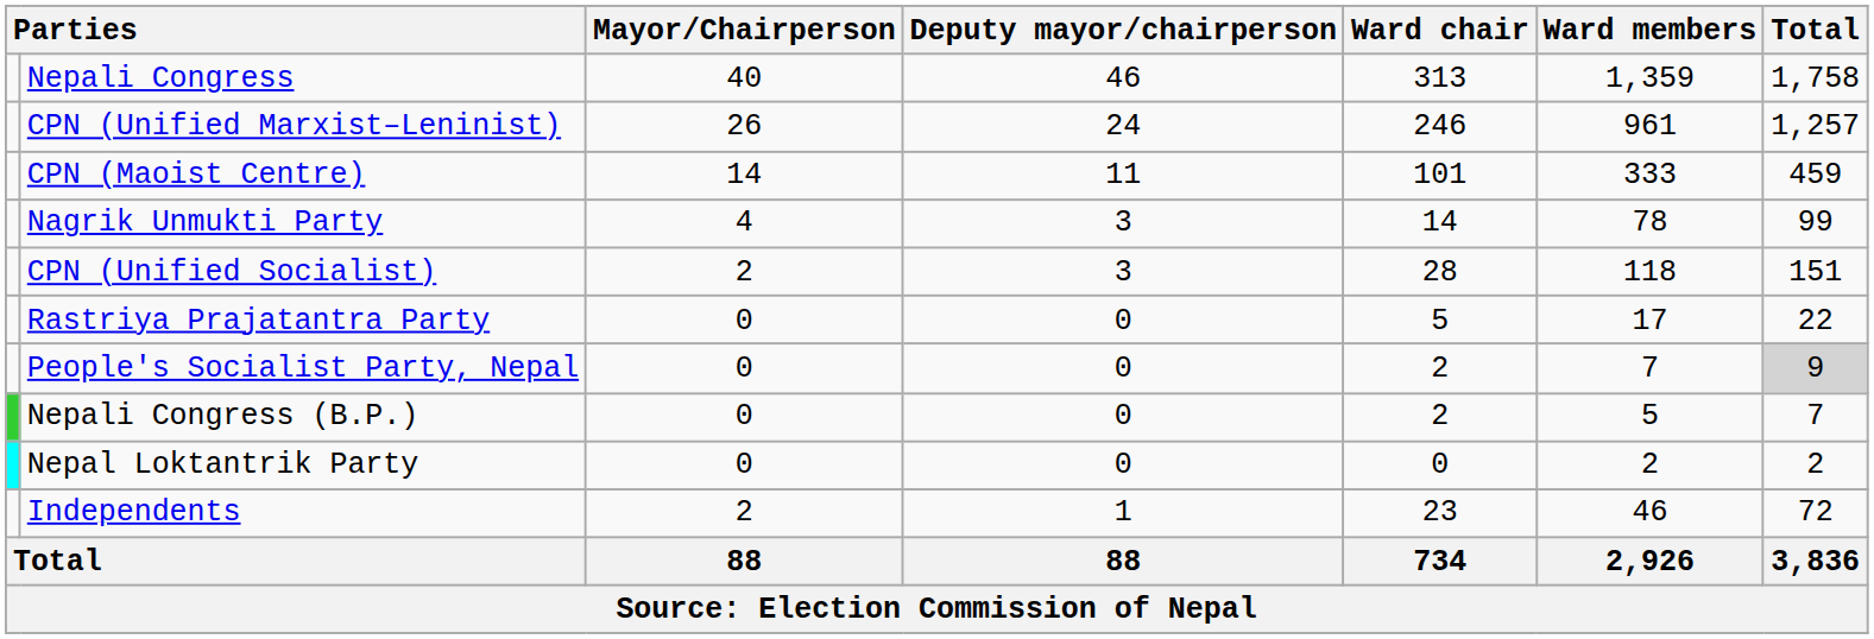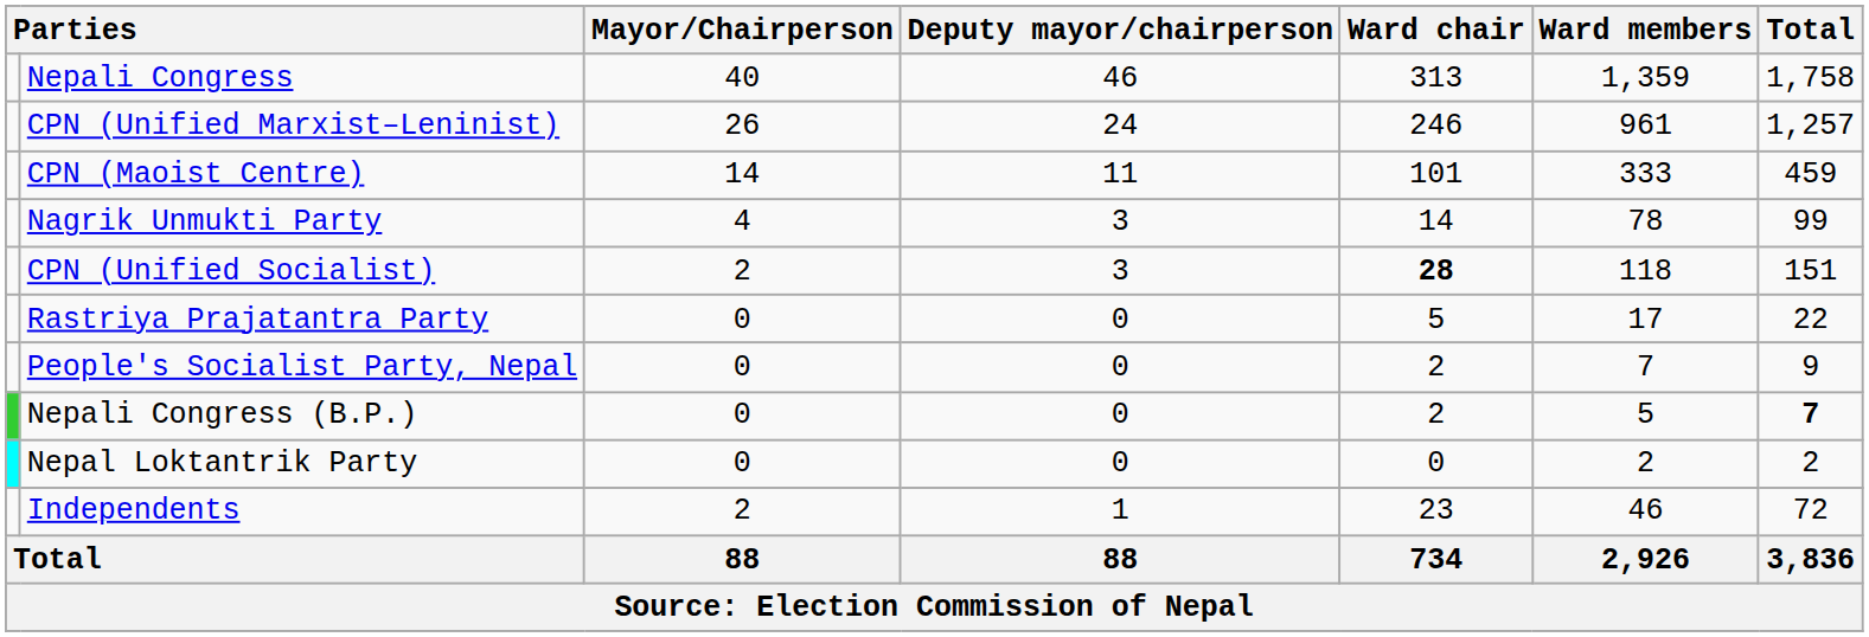 <table class="wikitable sortable" style="text-align:right">
 <tr>
 <th colspan="2" style="text-align:left;">Parties</th>
 <th>Mayor/Chairperson</th>
 <th>Deputy mayor/chairperson</th>
 <th>Ward chair</th>
 <th>Ward members</th>
 <th>Total</th>
 </tr>
 <tr>
 <td style="background-color:"></td>
 <td style="text-align:left;"><a href='#'>Nepali Congress</a></td>
 <td style="text-align:center;">40</td>
 <td style="text-align:center;">46</td>
 <td style="text-align:center;">313</td>
 <td style="text-align:center;">1,359</td>
 <td style="text-align:center;">1,758</td>
 </tr>
 <tr>
 <td style="background-color:"></td>
 <td style="text-align:left;"><a href='#'>CPN (Unified Marxist–Leninist)</a></td>
 <td style="text-align:center;">26</td>
 <td style="text-align:center;">24</td>
 <td style="text-align:center;">246</td>
 <td style="text-align:center;">961</td>
 <td style="text-align:center;">1,257</td>
 </tr>
 <tr>
 <td style="background-color:"></td>
 <td style="text-align:left;"><a href='#'>CPN (Maoist Centre)</a></td>
 <td style="text-align:center;">14</td>
 <td style="text-align:center;">11</td>
 <td style="text-align:center;">101</td>
 <td style="text-align:center;">333</td>
 <td style="text-align:center;">459</td>
 </tr>
 <tr>
 <td></td>
 <td style="text-align:left;"><a href='#'>Nagrik Unmukti Party</a></td>
 <td style="text-align:center;">4</td>
 <td style="text-align:center;">3</td>
 <td style="text-align:center;">14</td>
 <td style="text-align:center;">78</td>
 <td style="text-align:center;">99</td>
 </tr>
 <tr>
 <td style="background-color:"></td>
 <td style="text-align:left;"><a href='#'>CPN (Unified Socialist)</a></td>
 <td style="text-align:center;">2</td>
 <td style="text-align:center;">3</td>
-<td style="text-align:center;">28</td>
+<td style="text-align:center;"><strong>28</strong></td>
 <td style="text-align:center;">118</td>
 <td style="text-align:center;">151</td>
 </tr>
 <tr>
 <td style="background-color:"></td>
 <td style="text-align:left;"><a href='#'>Rastriya Prajatantra Party</a></td>
 <td style="text-align:center;">0</td>
 <td style="text-align:center;">0</td>
 <td style="text-align:center;">5</td>
 <td style="text-align:center;">17</td>
 <td style="text-align:center;">22</td>
 </tr>
 <tr>
 <td style="background-color:"></td>
 <td style="text-align:left;"><a href='#'>People's Socialist Party, Nepal</a></td>
 <td style="text-align:center;">0</td>
 <td style="text-align:center;">0</td>
 <td style="text-align:center;">2</td>
 <td style="text-align:center;">7</td>
-<td style="background: lightgrey; text-align:center;">9</td>
+<td style="text-align:center;">9</td>
 </tr>
 <tr>
 <td style="background-color:limegreen"></td>
 <td style="text-align:left;">Nepali Congress (B.P.)</td>
 <td style="text-align:center;">0</td>
 <td style="text-align:center;">0</td>
 <td style="text-align:center;">2</td>
 <td style="text-align:center;">5</td>
-<td style="text-align:center;">7</td>
+<td style="text-align:center;"><strong>7</strong></td>
 </tr>
 <tr>
 <td style="background-color:cyan"></td>
 <td style="text-align:left;">Nepal Loktantrik Party</td>
 <td style="text-align:center;">0</td>
 <td style="text-align:center;">0</td>
 <td style="text-align:center;">0</td>
 <td style="text-align:center;">2</td>
 <td style="text-align:center;">2</td>
 </tr>
 <tr>
 <td style="background-color:"></td>
 <td style="text-align:left;"><a href='#'>Independents</a></td>
 <td style="text-align:center;">2</td>
 <td style="text-align:center;">1</td>
 <td style="text-align:center;">23</td>
 <td style="text-align:center;">46</td>
 <td style="text-align:center;">72</td>
 </tr>
 <tr>
 <th colspan="2" style="text-align:left;">Total</th>
 <th>88</th>
 <th>88</th>
 <th>734</th>
 <th>2,926</th>
 <th>3,836</th>
 </tr>
 <tr>
 <th colspan="7">Source: Election Commission of Nepal</th>
 </tr>
 </table>
